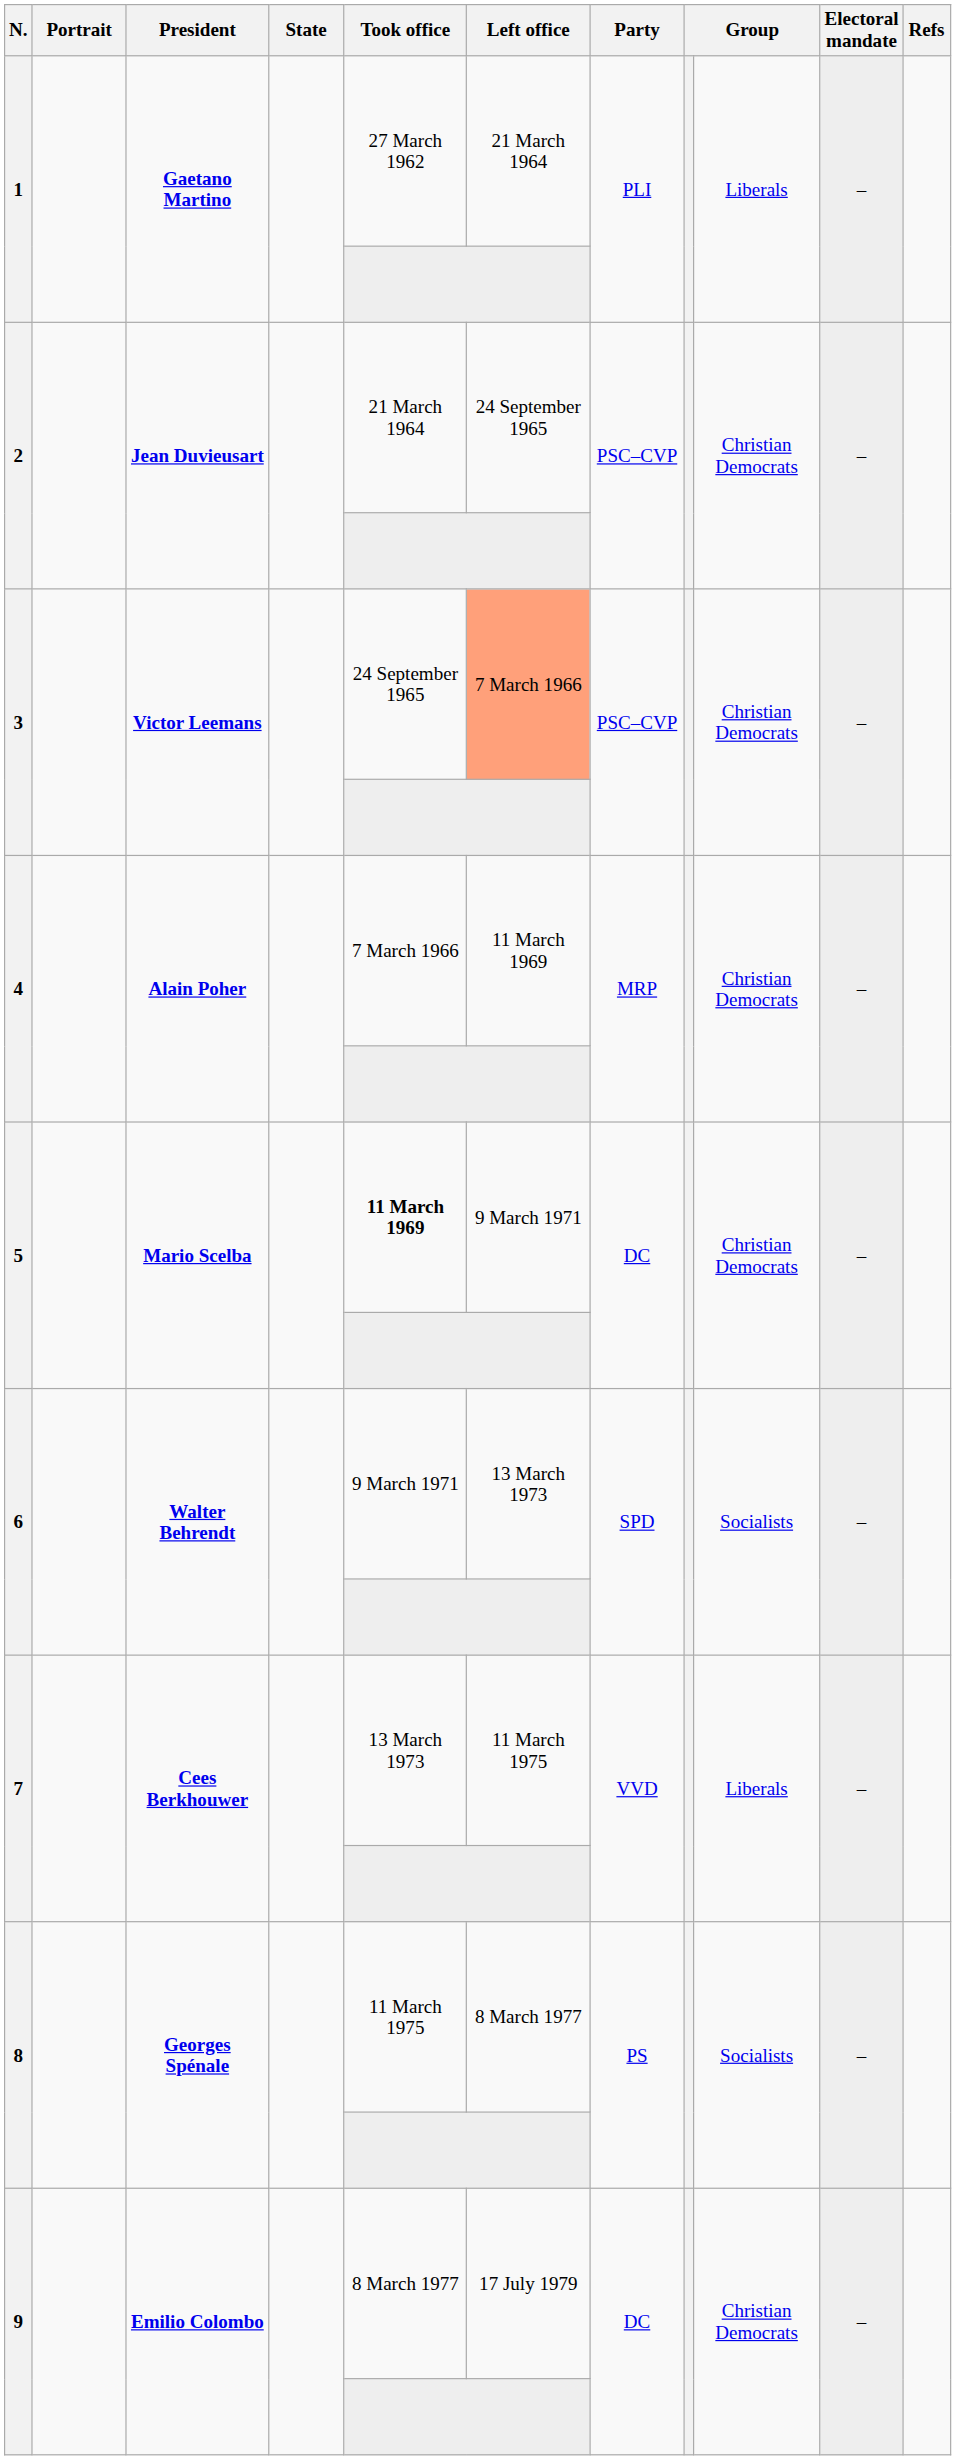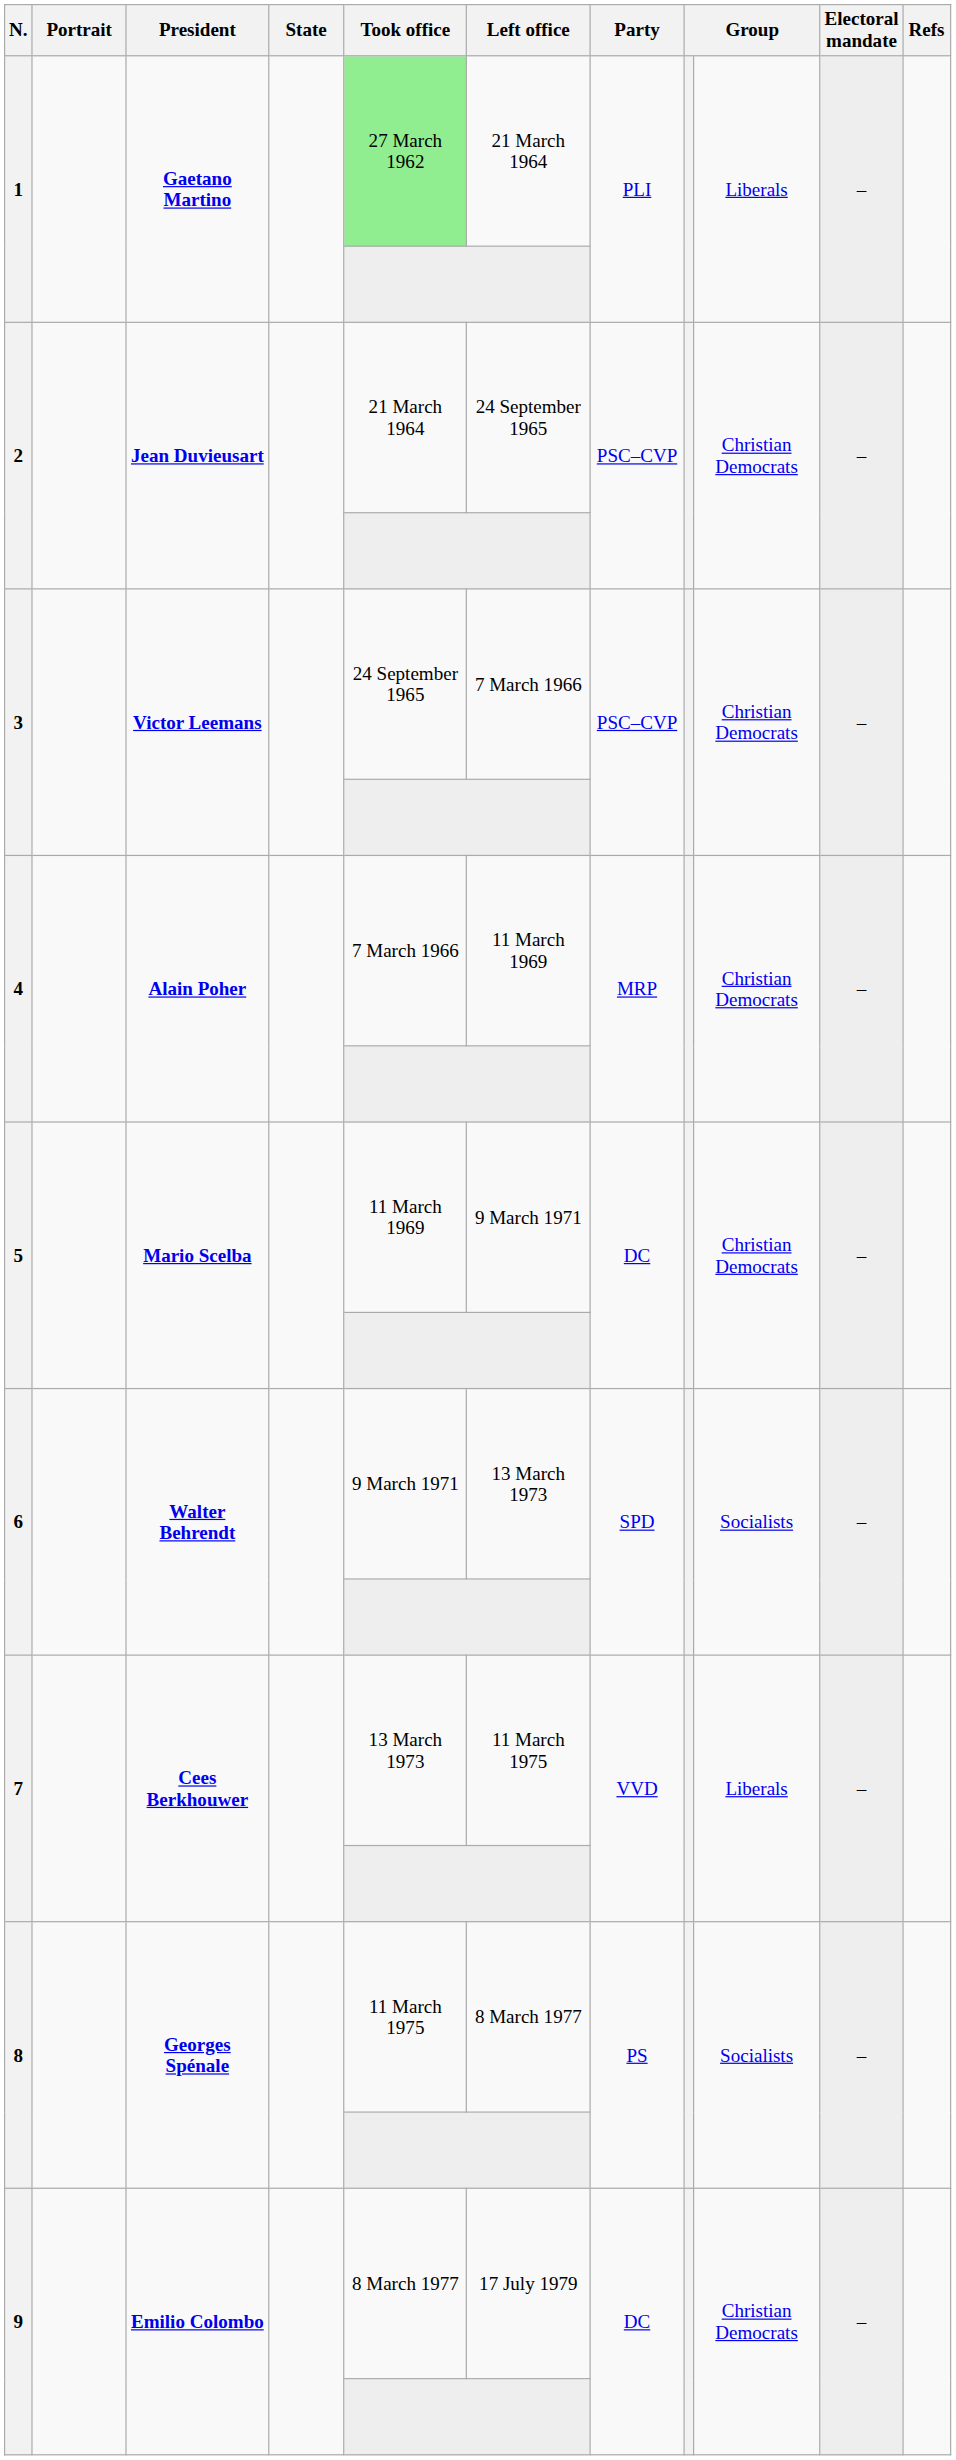 <table class="wikitable" style="text-align:center; style="width=90%">
 <tr>
 <th width=1%>N.</th>
 <th width=10%>Portrait</th>
 <th width=15%>President<br></th>
 <th width=8%>State</th>
 <th width=13%>Took office</th>
 <th width=13%>Left office</th>
 <th width=10%>Party</th>
 <th widht=10% colspan=2>Group</th>
 <th width=5%>Electoral mandate</th>
 <th width=5%>Refs</th>
 </tr>
 <tr style="height:10em;">
 <th rowspan=2>1</th>
 <td rowspan=2></td>
 <td rowspan=2><strong><a href='#'>Gaetano Martino</a></strong><br></td>
 <td rowspan=2></td>
-<td>27 March 1962</td>
+<td style="background: lightgreen;">27 March 1962</td>
 <td>21 March 1964</td>
 <td rowspan=2><a href='#'>PLI</a></td>
 <th rowspan=2 style="background:"></th>
 <td rowspan=2><a href='#'>Liberals</a></td>
 <td rowspan=2 bgcolor=#EEEEEE>–</td>
 <td rowspan=2></td>
 </tr>
 <tr style="height:4em;">
 <td colspan=2 bgcolor=#EEEEEE></td>
 </tr>
 <tr style="height:10em;">
 <th rowspan=2>2</th>
 <td rowspan=2></td>
 <td rowspan=2><strong><a href='#'>Jean Duvieusart</a></strong><br></td>
 <td rowspan=2></td>
 <td>21 March 1964</td>
 <td>24 September 1965</td>
 <td rowspan=2><a href='#'>PSC–CVP</a></td>
 <th rowspan=2 style="background:"></th>
 <td rowspan=2><a href='#'>Christian Democrats</a></td>
 <td rowspan=2 bgcolor=#EEEEEE>–</td>
 <td rowspan=2></td>
 </tr>
 <tr style="height:4em;">
 <td colspan=2 bgcolor=#EEEEEE></td>
 </tr>
 <tr style="height:10em;">
 <th rowspan=2>3</th>
 <td rowspan=2></td>
 <td rowspan=2><strong><a href='#'>Victor Leemans</a></strong><br></td>
 <td rowspan=2></td>
 <td>24 September 1965</td>
-<td style="background: lightsalmon;">7 March 1966</td>
+<td>7 March 1966</td>
 <td rowspan=2><a href='#'>PSC–CVP</a></td>
 <th rowspan=2 style="background:"></th>
 <td rowspan=2><a href='#'>Christian Democrats</a></td>
 <td rowspan=2 bgcolor=#EEEEEE>–</td>
 <td rowspan=2></td>
 </tr>
 <tr style="height:4em;">
 <td colspan=2 bgcolor=#EEEEEE></td>
 </tr>
 <tr style="height:10em;">
 <th rowspan=2>4</th>
 <td rowspan=2></td>
 <td rowspan=2><strong><a href='#'>Alain Poher</a></strong><br></td>
 <td rowspan=2></td>
 <td>7 March 1966</td>
 <td>11 March 1969</td>
 <td rowspan=2><a href='#'>MRP</a></td>
 <th rowspan=2 style="background:"></th>
 <td rowspan=2><a href='#'>Christian Democrats</a></td>
 <td rowspan=2 bgcolor=#EEEEEE>–</td>
 <td rowspan=2></td>
 </tr>
 <tr style="height:4em;">
 <td colspan=2 bgcolor=#EEEEEE></td>
 </tr>
 <tr style="height:10em;">
 <th rowspan=2>5</th>
 <td rowspan=2></td>
 <td rowspan=2><strong><a href='#'>Mario Scelba</a></strong><br></td>
 <td rowspan=2></td>
-<td><strong>11 March 1969</strong></td>
+<td>11 March 1969</td>
 <td>9 March 1971</td>
 <td rowspan=2><a href='#'>DC</a></td>
 <th rowspan=2 style="background:"></th>
 <td rowspan=2><a href='#'>Christian Democrats</a></td>
 <td rowspan=2 bgcolor=#EEEEEE>–</td>
 <td rowspan=2></td>
 </tr>
 <tr style="height:4em;">
 <td colspan=2 bgcolor=#EEEEEE></td>
 </tr>
 <tr style="height:10em;">
 <th rowspan=2>6</th>
 <td rowspan=2></td>
 <td rowspan=2><strong><a href='#'>Walter Behrendt</a></strong><br></td>
 <td rowspan=2></td>
 <td>9 March 1971</td>
 <td>13 March 1973</td>
 <td rowspan=2><a href='#'>SPD</a></td>
 <th rowspan=2 style="background:"></th>
 <td rowspan=2><a href='#'>Socialists</a></td>
 <td rowspan=2 bgcolor=#EEEEEE>–</td>
 <td rowspan=2></td>
 </tr>
 <tr style="height:4em;">
 <td colspan=2 bgcolor=#EEEEEE></td>
 </tr>
 <tr style="height:10em;">
 <th rowspan=2>7</th>
 <td rowspan=2></td>
 <td rowspan=2><strong><a href='#'>Cees Berkhouwer</a></strong><br></td>
 <td rowspan=2></td>
 <td>13 March 1973</td>
 <td>11 March 1975</td>
 <td rowspan=2><a href='#'>VVD</a></td>
 <th rowspan=2 style="background:"></th>
 <td rowspan=2><a href='#'>Liberals</a></td>
 <td rowspan=2 bgcolor=#EEEEEE>–</td>
 <td rowspan=2></td>
 </tr>
 <tr style="height:4em;">
 <td colspan=2 bgcolor=#EEEEEE></td>
 </tr>
 <tr style="height:10em;">
 <th rowspan=2>8</th>
 <td rowspan=2></td>
 <td rowspan=2><strong><a href='#'>Georges Spénale</a></strong><br></td>
 <td rowspan=2></td>
 <td>11 March 1975</td>
 <td>8 March 1977</td>
 <td rowspan=2><a href='#'>PS</a></td>
 <th rowspan=2 style="background:"></th>
 <td rowspan=2><a href='#'>Socialists</a></td>
 <td rowspan=2 bgcolor=#EEEEEE>–</td>
 <td rowspan=2></td>
 </tr>
 <tr style="height:4em;">
 <td colspan=2 bgcolor=#EEEEEE></td>
 </tr>
 <tr style="height:10em;">
 <th rowspan=2>9</th>
 <td rowspan=2></td>
 <td rowspan=2><strong><a href='#'>Emilio Colombo</a></strong><br></td>
 <td rowspan=2></td>
 <td>8 March 1977</td>
 <td>17 July 1979</td>
 <td rowspan=2><a href='#'>DC</a></td>
 <th rowspan=2 style="background:"></th>
 <td rowspan=2><a href='#'>Christian Democrats</a></td>
 <td rowspan=2 bgcolor=#EEEEEE>–</td>
 <td rowspan=2></td>
 </tr>
 <tr style="height:4em;">
 <td colspan=2 bgcolor=#EEEEEE></td>
 </tr>
 </table>
